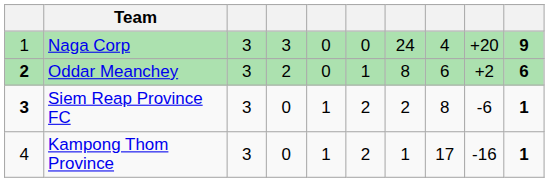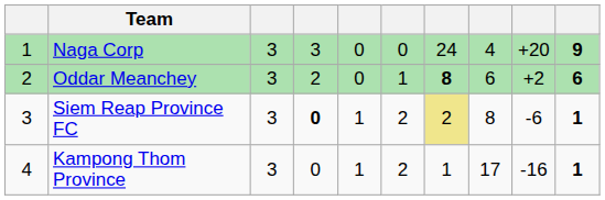 <table class="wikitable" style="text-align: center;">
 <tr>
 <th width=30></th>
 <th width=165>Team</th>
 <th width=30></th>
 <th width=30></th>
 <th width=30></th>
 <th width=30></th>
 <th width=30></th>
 <th width=30></th>
 <th width=30></th>
 <th width=30></th>
 </tr>
 <tr style="background:#ace1af;">
 <td>1</td>
 <td align=left><a href='#'>Naga Corp</a></td>
 <td>3</td>
 <td>3</td>
 <td>0</td>
 <td>0</td>
 <td>24</td>
 <td>4</td>
 <td>+20</td>
 <td><strong>9</strong></td>
 </tr>
 <tr style="background:#ace1af;">
-<td><strong>2</strong></td>
+<td>2</td>
 <td align=left><a href='#'>Oddar Meanchey</a></td>
 <td>3</td>
 <td>2</td>
 <td>0</td>
 <td>1</td>
-<td>8</td>
+<td><strong>8</strong></td>
 <td>6</td>
 <td>+2</td>
 <td><strong>6</strong></td>
 </tr>
 <tr>
-<td><strong>3</strong></td>
+<td>3</td>
 <td align=left><a href='#'>Siem Reap Province FC</a></td>
 <td>3</td>
-<td>0</td>
+<td><strong>0</strong></td>
 <td>1</td>
 <td>2</td>
-<td>2</td>
+<td style="background: khaki;">2</td>
 <td>8</td>
 <td>-6</td>
 <td><strong>1</strong></td>
 </tr>
 <tr>
 <td>4</td>
 <td align=left><a href='#'>Kampong Thom Province</a></td>
 <td>3</td>
 <td>0</td>
 <td>1</td>
 <td>2</td>
 <td>1</td>
 <td>17</td>
 <td>-16</td>
 <td><strong>1</strong></td>
 </tr>
 </table>
